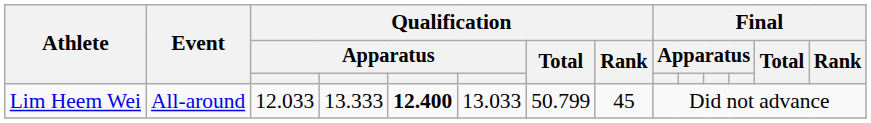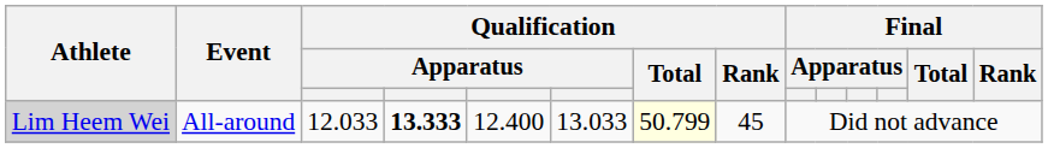 <table class="wikitable" style="font-size:90%">
 <tr>
 <th rowspan=3>Athlete</th>
 <th rowspan=3>Event</th>
 <th colspan =6>Qualification</th>
 <th colspan =6>Final</th>
 </tr>
 <tr style="font-size:95%">
 <th colspan=4>Apparatus</th>
 <th rowspan=2>Total</th>
 <th rowspan=2>Rank</th>
 <th colspan=4>Apparatus</th>
 <th rowspan=2>Total</th>
 <th rowspan=2>Rank</th>
 </tr>
 <tr style="font-size:95%">
 <th></th>
 <th></th>
 <th></th>
 <th></th>
 <th></th>
 <th></th>
 <th></th>
 <th></th>
 </tr>
 <tr align=center>
-<td align=left><a href='#'>Lim Heem Wei</a></td>
+<td align=left style="background: lightgrey;"><a href='#'>Lim Heem Wei</a></td>
 <td align=left><a href='#'>All-around</a></td>
 <td>12.033</td>
-<td>13.333</td>
-<td><strong>12.400</strong></td>
+<td><strong>13.333</strong></td>
+<td>12.400</td>
 <td>13.033</td>
-<td>50.799</td>
+<td style="background: lightyellow;">50.799</td>
 <td>45</td>
 <td colspan=6>Did not advance</td>
 </tr>
 </table>
